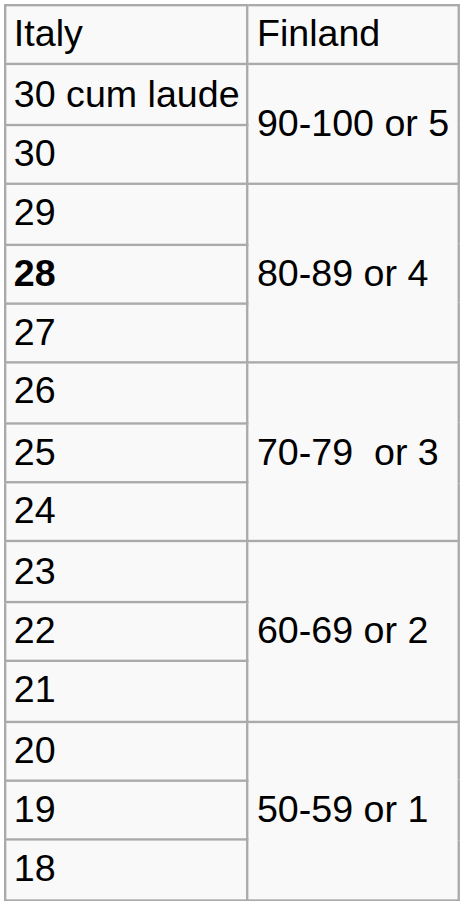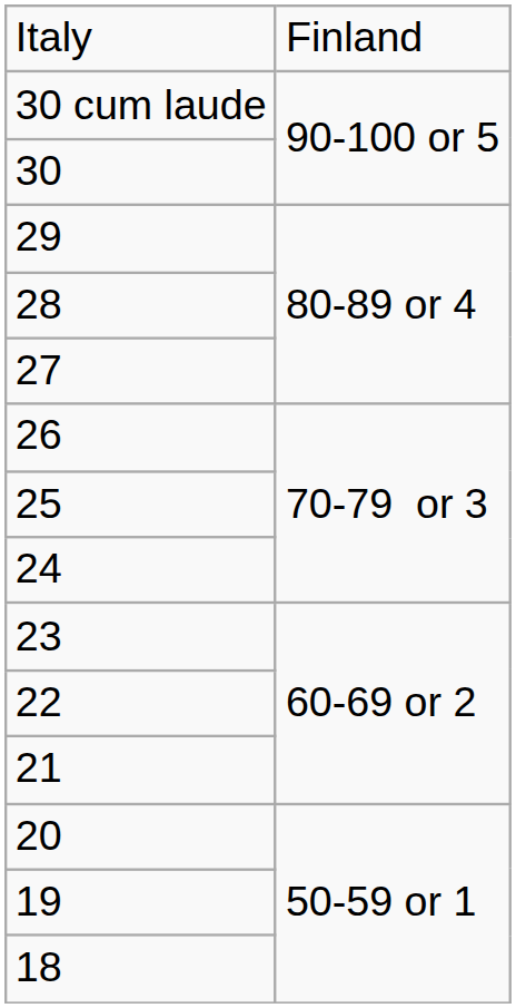 <table class="wikitable">
 <tr>
 <td>Italy</td>
 <td>Finland</td>
 </tr>
 <tr>
 <td>30 cum laude</td>
 <td rowspan="2">90-100 or 5</td>
 </tr>
 <tr>
 <td>30</td>
 </tr>
 <tr>
 <td>29</td>
 <td rowspan="3">80-89 or 4</td>
 </tr>
 <tr>
-<td><strong>28</strong></td>
+<td>28</td>
 </tr>
 <tr>
 <td>27</td>
 </tr>
 <tr>
 <td>26</td>
 <td rowspan="3">70-79  or 3</td>
 </tr>
 <tr>
 <td>25</td>
 </tr>
 <tr>
 <td>24</td>
 </tr>
 <tr>
 <td>23</td>
 <td rowspan="3">60-69 or 2</td>
 </tr>
 <tr>
 <td>22</td>
 </tr>
 <tr>
 <td>21</td>
 </tr>
 <tr>
 <td>20</td>
 <td rowspan="3">50-59 or 1</td>
 </tr>
 <tr>
 <td>19</td>
 </tr>
 <tr>
 <td>18</td>
 </tr>
 </table>
